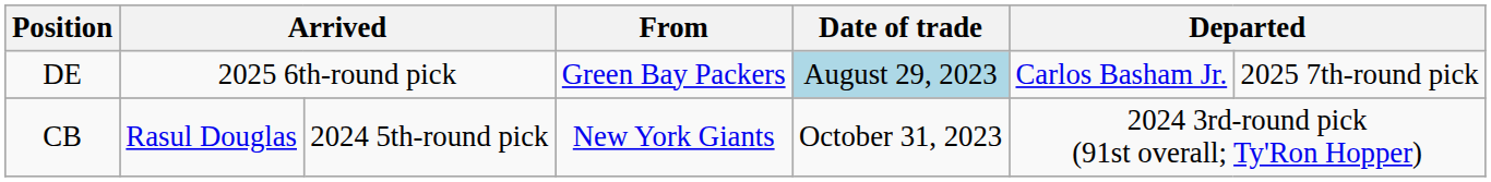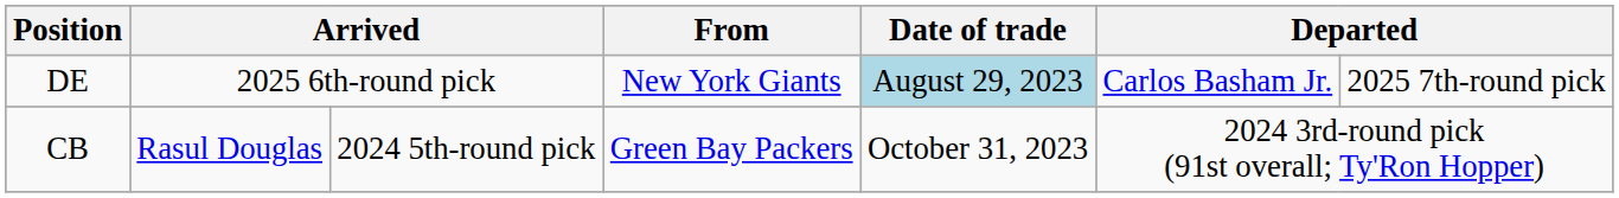 <table class="wikitable sortable" style="text-align: center">
 <tr>
 <th>Position</th>
 <th colspan=2>Arrived</th>
 <th>From</th>
 <th>Date of trade</th>
 <th colspan=2>Departed</th>
 </tr>
 <tr>
 <td>DE</td>
 <td colspan=2>2025 6th-round pick</td>
-<td><a href='#'>Green Bay Packers</a></td>
+<td><a href='#'>New York Giants</a></td>
 <td style="background: lightblue;">August 29, 2023</td>
 <td><a href='#'>Carlos Basham Jr.</a></td>
 <td>2025 7th-round pick</td>
 </tr>
 <tr>
 <td>CB</td>
 <td><a href='#'>Rasul Douglas</a></td>
 <td>2024 5th-round pick</td>
-<td><a href='#'>New York Giants</a></td>
+<td><a href='#'>Green Bay Packers</a></td>
 <td>October 31, 2023</td>
 <td colspan=2>2024 3rd-round pick <br> (91st overall; <a href='#'>Ty'Ron Hopper</a>)</td>
 </tr>
 </table>
